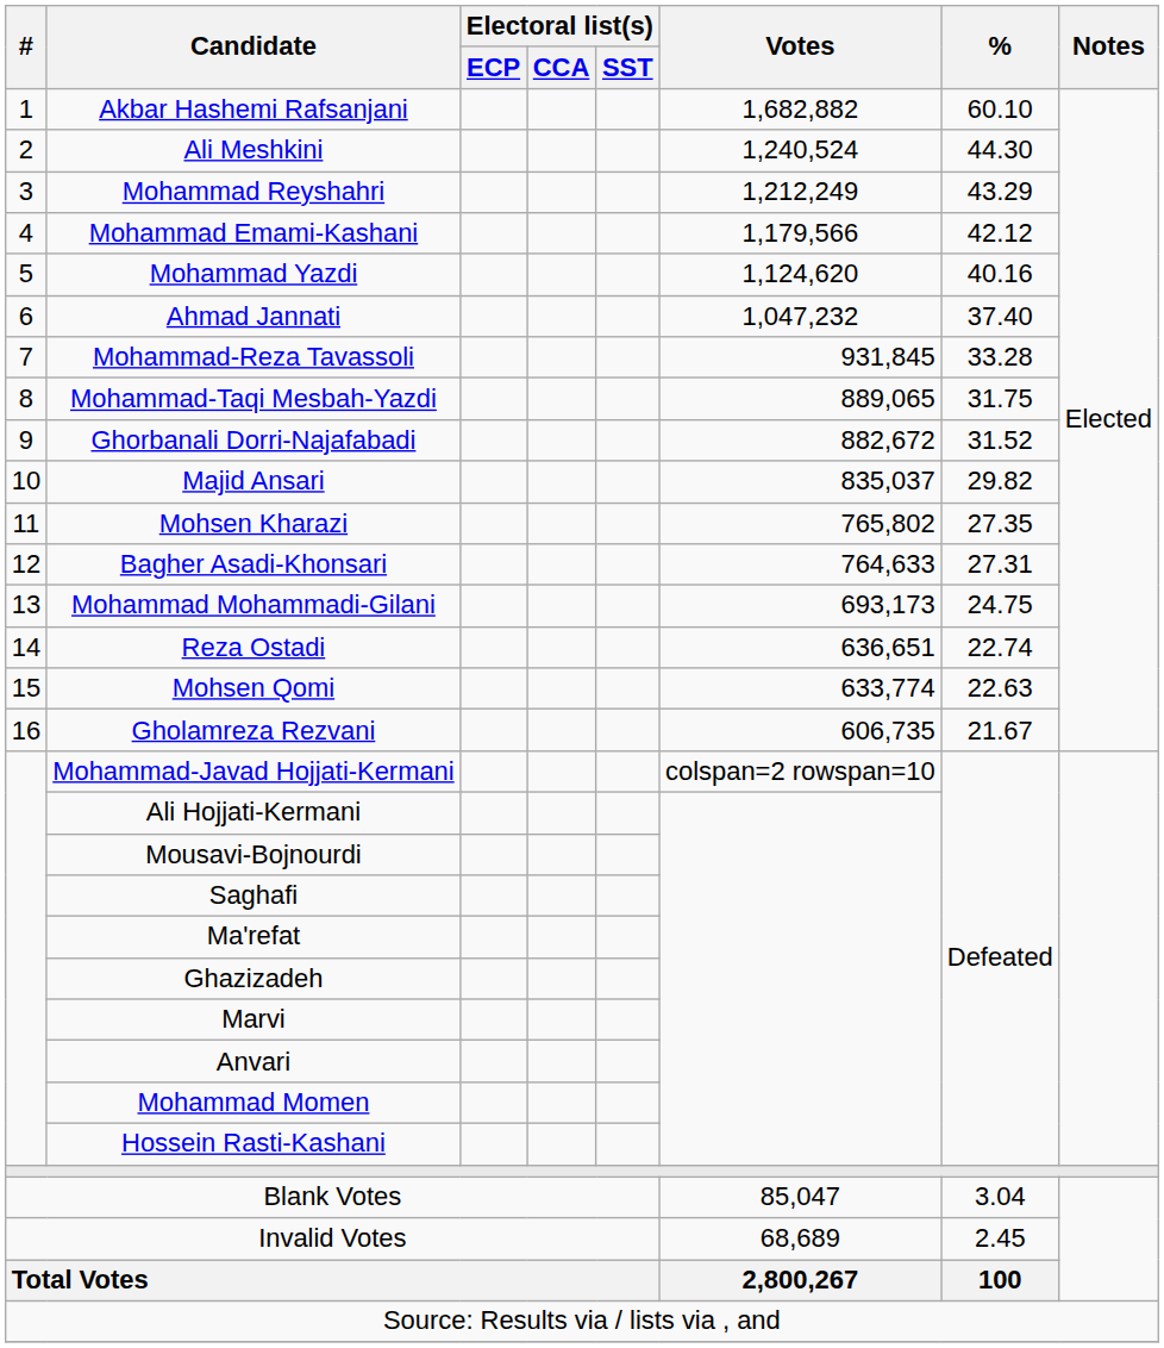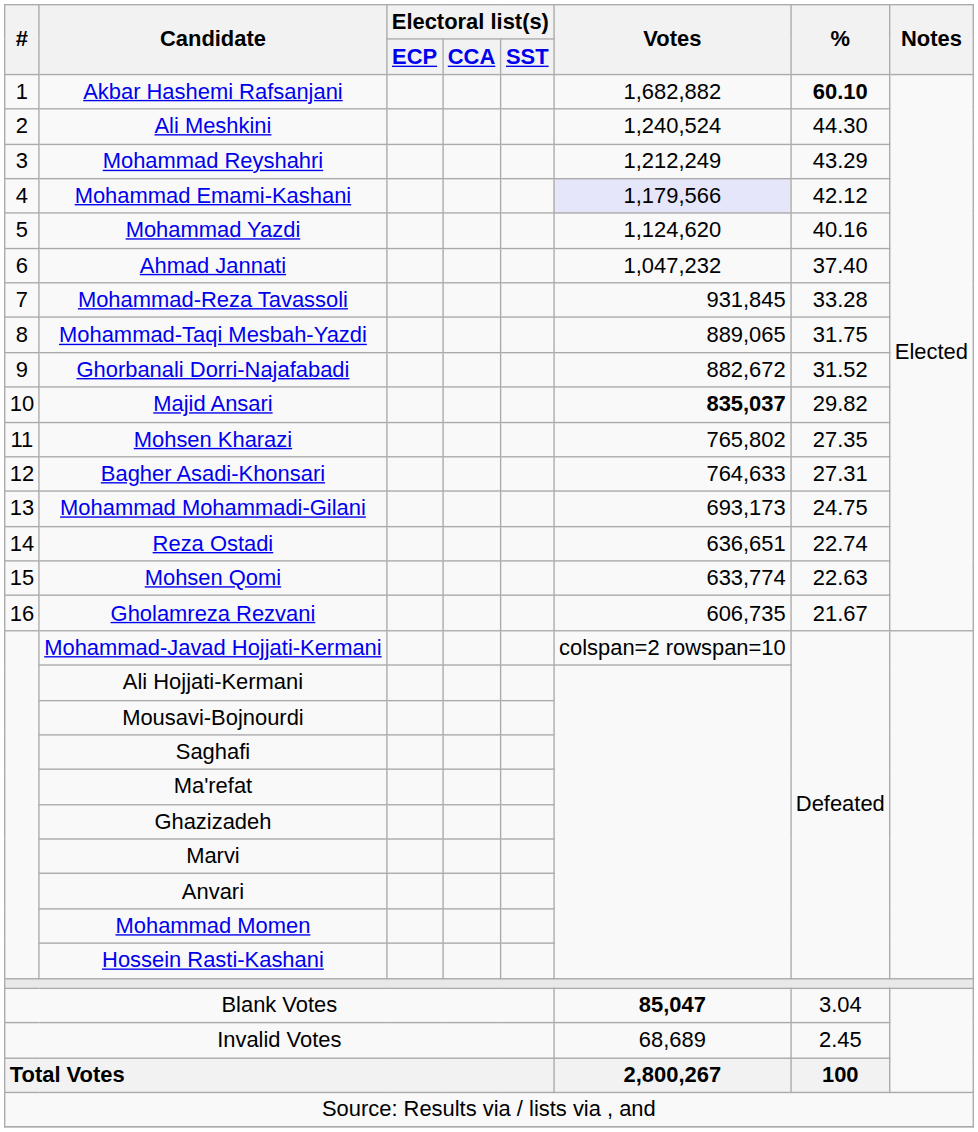 <table class="wikitable" style="text-align:center;" style="font-size:95%;">
 <tr>
 <th rowspan="2">#</th>
 <th rowspan="2">Candidate</th>
 <th colspan="3">Electoral list(s)</th>
 <th rowspan="2">Votes</th>
 <th rowspan="2">%</th>
 <th rowspan="2">Notes</th>
 </tr>
 <tr>
 <th><a href='#'>ECP</a></th>
 <th><a href='#'>CCA</a></th>
 <th><a href='#'>SST</a></th>
 </tr>
 <tr>
 <td>1</td>
 <td><a href='#'>Akbar Hashemi Rafsanjani</a></td>
 <td style="text-align:center;"></td>
 <td style="text-align:center;"></td>
 <td style="text-align:center;"></td>
 <td>1,682,882</td>
-<td>60.10</td>
+<td><strong>60.10</strong></td>
 <td rowspan=16 align=center>Elected</td>
 </tr>
 <tr>
 <td>2</td>
 <td><a href='#'>Ali Meshkini</a></td>
 <td style="text-align:center;"></td>
 <td style="text-align:center;"></td>
 <td style="text-align:center;"></td>
 <td>1,240,524</td>
 <td>44.30</td>
 </tr>
 <tr>
 <td>3</td>
 <td><a href='#'>Mohammad Reyshahri</a></td>
 <td style="text-align:center;"></td>
 <td style="text-align:center;"></td>
 <td style="text-align:center;"></td>
 <td>1,212,249</td>
 <td>43.29</td>
 </tr>
 <tr>
 <td>4</td>
 <td><a href='#'>Mohammad Emami-Kashani</a></td>
 <td style="text-align:center;"></td>
 <td style="text-align:center;"></td>
 <td style="text-align:center;"></td>
-<td>1,179,566</td>
+<td style="background: lavender;">1,179,566</td>
 <td>42.12</td>
 </tr>
 <tr>
 <td>5</td>
 <td><a href='#'>Mohammad Yazdi</a></td>
 <td style="text-align:center;"></td>
 <td style="text-align:center;"></td>
 <td style="text-align:center;"></td>
 <td>1,124,620</td>
 <td>40.16</td>
 </tr>
 <tr>
 <td>6</td>
 <td><a href='#'>Ahmad Jannati</a></td>
 <td style="text-align:center;"></td>
 <td style="text-align:center;"></td>
 <td style="text-align:center;"></td>
 <td>1,047,232</td>
 <td>37.40</td>
 </tr>
 <tr>
 <td>7</td>
 <td><a href='#'>Mohammad-Reza Tavassoli</a></td>
 <td style="text-align:center;"></td>
 <td style="text-align:center;"></td>
 <td style="text-align:center;"></td>
 <td style="text-align:right;">931,845</td>
 <td>33.28</td>
 </tr>
 <tr>
 <td>8</td>
 <td><a href='#'>Mohammad-Taqi Mesbah-Yazdi</a></td>
 <td style="text-align:center;"></td>
 <td style="text-align:center;"></td>
 <td style="text-align:center;"></td>
 <td style="text-align:right;">889,065</td>
 <td>31.75</td>
 </tr>
 <tr>
 <td>9</td>
 <td><a href='#'>Ghorbanali Dorri-Najafabadi</a></td>
 <td style="text-align:center;"></td>
 <td style="text-align:center;"></td>
 <td style="text-align:center;"></td>
 <td style="text-align:right;">882,672</td>
 <td>31.52</td>
 </tr>
 <tr>
 <td>10</td>
 <td><a href='#'>Majid Ansari</a></td>
 <td style="text-align:center;"></td>
 <td style="text-align:center;"></td>
 <td style="text-align:center;"></td>
-<td style="text-align:right;">835,037</td>
+<td style="text-align:right;"><strong>835,037</strong></td>
 <td>29.82</td>
 </tr>
 <tr>
 <td>11</td>
 <td><a href='#'>Mohsen Kharazi</a></td>
 <td style="text-align:center;"></td>
 <td style="text-align:center;"></td>
 <td style="text-align:center;"></td>
 <td style="text-align:right;">765,802</td>
 <td>27.35</td>
 </tr>
 <tr>
 <td>12</td>
 <td><a href='#'>Bagher Asadi-Khonsari</a></td>
 <td style="text-align:center;"></td>
 <td style="text-align:center;"></td>
 <td style="text-align:center;"></td>
 <td style="text-align:right;">764,633</td>
 <td>27.31</td>
 </tr>
 <tr>
 <td>13</td>
 <td><a href='#'>Mohammad Mohammadi-Gilani</a></td>
 <td style="text-align:center;"></td>
 <td style="text-align:center;"></td>
 <td style="text-align:center;"></td>
 <td style="text-align:right;">693,173</td>
 <td>24.75</td>
 </tr>
 <tr>
 <td>14</td>
 <td><a href='#'>Reza Ostadi</a></td>
 <td style="text-align:center;"></td>
 <td style="text-align:center;"></td>
 <td style="text-align:center;"></td>
 <td style="text-align:right;">636,651</td>
 <td>22.74</td>
 </tr>
 <tr>
 <td>15</td>
 <td><a href='#'>Mohsen Qomi</a></td>
 <td style="text-align:center;"></td>
 <td style="text-align:center;"></td>
 <td style="text-align:center;"></td>
 <td style="text-align:right;">633,774</td>
 <td>22.63</td>
 </tr>
 <tr>
 <td>16</td>
 <td><a href='#'>Gholamreza Rezvani</a></td>
 <td style="text-align:center;"></td>
 <td style="text-align:center;"></td>
 <td style="text-align:center;"></td>
 <td style="text-align:right;">606,735</td>
 <td>21.67</td>
 </tr>
 <tr>
 <td rowspan=10 align=center></td>
 <td><a href='#'>Mohammad-Javad Hojjati-Kermani</a></td>
 <td style="text-align:center;"></td>
 <td style="text-align:center;"></td>
 <td style="text-align:center;"></td>
 <td>colspan=2 rowspan=10 </td>
 <td rowspan=10 align=center>Defeated</td>
 </tr>
 <tr>
 <td>Ali Hojjati-Kermani</td>
 <td style="text-align:center;"></td>
 <td style="text-align:center;"></td>
 <td style="text-align:center;"></td>
 </tr>
 <tr>
 <td>Mousavi-Bojnourdi</td>
 <td style="text-align:center;"></td>
 <td style="text-align:center;"></td>
 <td style="text-align:center;"></td>
 </tr>
 <tr>
 <td>Saghafi</td>
 <td style="text-align:center;"></td>
 <td style="text-align:center;"></td>
 <td style="text-align:center;"></td>
 </tr>
 <tr>
 <td>Ma'refat</td>
 <td style="text-align:center;"></td>
 <td style="text-align:center;"></td>
 <td style="text-align:center;"></td>
 </tr>
 <tr>
 <td>Ghazizadeh</td>
 <td style="text-align:center;"></td>
 <td style="text-align:center;"></td>
 <td style="text-align:center;"></td>
 </tr>
 <tr>
 <td>Marvi</td>
 <td style="text-align:center;"></td>
 <td style="text-align:center;"></td>
 <td style="text-align:center;"></td>
 </tr>
 <tr>
 <td>Anvari</td>
 <td style="text-align:center;"></td>
 <td style="text-align:center;"></td>
 <td style="text-align:center;"></td>
 </tr>
 <tr>
 <td><a href='#'>Mohammad Momen</a></td>
 <td style="text-align:center;"></td>
 <td style="text-align:center;"></td>
 <td style="text-align:center;"></td>
 </tr>
 <tr>
 <td><a href='#'>Hossein Rasti-Kashani</a></td>
 <td style="text-align:center;"></td>
 <td style="text-align:center;"></td>
 <td style="text-align:center;"></td>
 </tr>
 <tr>
 <td colspan="9" style="background:#E9E9E9;"></td>
 </tr>
 <tr>
 <td colspan="5">Blank Votes</td>
-<td>85,047</td>
+<td><strong>85,047</strong></td>
 <td>3.04</td>
 <td rowspan=3 align=center></td>
 </tr>
 <tr>
 <td colspan="5">Invalid Votes</td>
 <td>68,689</td>
 <td>2.45</td>
 </tr>
 <tr>
 <th style="text-align:left;" colspan="5">Total Votes</th>
 <th>2,800,267</th>
 <th>100</th>
 </tr>
 <tr>
 <td colspan="13">Source: Results via  / lists via ,  and </td>
 </tr>
 <tr>
 </tr>
 </table>
